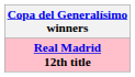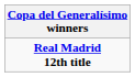 <table class="wikitable" style="text-align: center; margin: 0 auto;">
 <tr>
 <th><a href='#'>Copa del Generalísimo</a><br>winners</th>
 </tr>
 <tr>
-<td style="background: pink;"><strong><a href='#'>Real Madrid</a></strong><br><strong>12th title</strong></td>
+<td><strong><a href='#'>Real Madrid</a></strong><br><strong>12th title</strong></td>
 </tr>
 </table>
